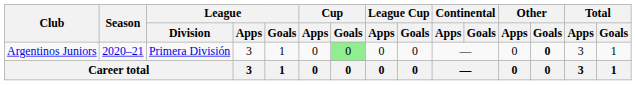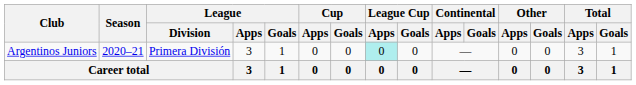 <table class="wikitable" style="text-align:center">
 <tr>
 <th rowspan="2">Club</th>
 <th rowspan="2">Season</th>
 <th colspan="3">League</th>
 <th colspan="2">Cup</th>
 <th colspan="2">League Cup</th>
 <th colspan="2">Continental</th>
 <th colspan="2">Other</th>
 <th colspan="2">Total</th>
 </tr>
 <tr>
 <th>Division</th>
 <th>Apps</th>
 <th>Goals</th>
 <th>Apps</th>
 <th>Goals</th>
 <th>Apps</th>
 <th>Goals</th>
 <th>Apps</th>
 <th>Goals</th>
 <th>Apps</th>
 <th>Goals</th>
 <th>Apps</th>
 <th>Goals</th>
 </tr>
 <tr>
 <td rowspan="1"><a href='#'>Argentinos Juniors</a></td>
 <td><a href='#'>2020–21</a></td>
 <td rowspan="1"><a href='#'>Primera División</a></td>
 <td>3</td>
 <td>1</td>
 <td>0</td>
-<td style="background: lightgreen;">0</td>
 <td>0</td>
+<td style="background: paleturquoise;">0</td>
 <td>0</td>
 <td colspan="2">—</td>
 <td>0</td>
-<td><strong>0</strong></td>
+<td>0</td>
 <td>3</td>
 <td>1</td>
 </tr>
 <tr>
 <th colspan="3">Career total</th>
 <th>3</th>
 <th>1</th>
 <th>0</th>
 <th>0</th>
 <th>0</th>
 <th>0</th>
 <th colspan="2">—</th>
 <th>0</th>
 <th>0</th>
 <th>3</th>
 <th>1</th>
 </tr>
 </table>
